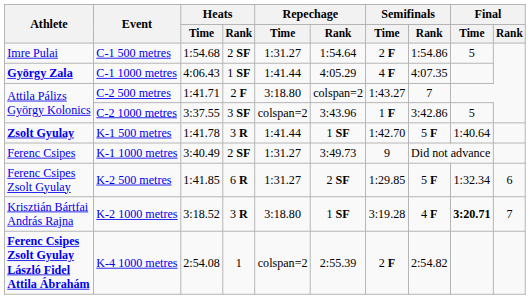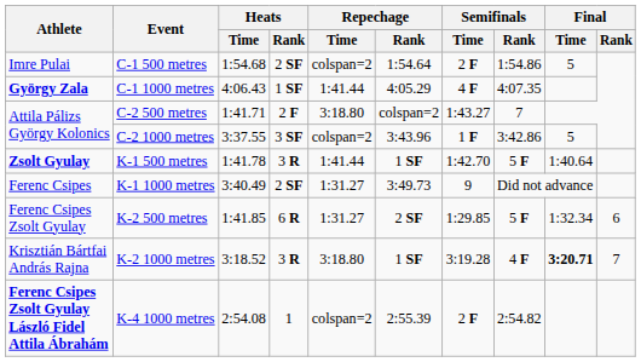 <table class=wikitable style="font-size:90%">
 <tr>
 <th rowspan="2">Athlete</th>
 <th rowspan="2">Event</th>
 <th colspan=2>Heats</th>
 <th colspan=2>Repechage</th>
 <th colspan=2>Semifinals</th>
 <th colspan=2>Final</th>
 </tr>
 <tr style="font-size:95%">
 <th>Time</th>
 <th>Rank</th>
 <th>Time</th>
 <th>Rank</th>
 <th>Time</th>
 <th>Rank</th>
 <th>Time</th>
 <th>Rank</th>
 </tr>
 <tr align=center>
 <td align=left><a href='#'>Imre Pulai</a></td>
 <td align=left><a href='#'>C-1 500 metres</a></td>
 <td>1:54.68</td>
 <td>2 <strong>SF</strong></td>
-<td>1:31.27</td>
+<td>colspan=2</td>
 <td>1:54.64</td>
 <td>2 <strong>F</strong></td>
 <td>1:54.86</td>
 <td>5</td>
 </tr>
 <tr align=center>
 <td align=left><strong><a href='#'>György Zala</a></strong></td>
 <td align=left><a href='#'>C-1 1000 metres</a></td>
 <td>4:06.43</td>
 <td>1 <strong>SF</strong></td>
 <td>1:41.44</td>
 <td>4:05.29</td>
 <td>4 <strong>F</strong></td>
 <td>4:07.35</td>
 <td></td>
 </tr>
 <tr align=center>
 <td align=left rowspan=2><a href='#'>Attila Pálizs</a><br><a href='#'>György Kolonics</a></td>
 <td align=left><a href='#'>C-2 500 metres</a></td>
 <td>1:41.71</td>
 <td>2 <strong>F</strong></td>
 <td>3:18.80</td>
 <td>colspan=2</td>
 <td>1:43.27</td>
 <td>7</td>
 </tr>
 <tr align=center>
 <td align=left><a href='#'>C-2 1000 metres</a></td>
 <td>3:37.55</td>
 <td>3 <strong>SF</strong></td>
 <td>colspan=2</td>
 <td>3:43.96</td>
 <td>1 <strong>F</strong></td>
 <td>3:42.86</td>
 <td>5</td>
 </tr>
 <tr align=center>
 <td align=left><strong><a href='#'>Zsolt Gyulay</a></strong></td>
 <td align=left><a href='#'>K-1 500 metres</a></td>
 <td>1:41.78</td>
 <td>3 <strong>R</strong></td>
 <td>1:41.44</td>
 <td>1 <strong>SF</strong></td>
 <td>1:42.70</td>
 <td>5 <strong>F</strong></td>
 <td>1:40.64</td>
 <td></td>
 </tr>
 <tr align=center>
 <td align=left><a href='#'>Ferenc Csipes</a></td>
 <td align=left><a href='#'>K-1 1000 metres</a></td>
 <td>3:40.49</td>
 <td>2 <strong>SF</strong></td>
 <td>1:31.27</td>
 <td>3:49.73</td>
 <td>9</td>
 <td colspan=2>Did not advance</td>
 </tr>
 <tr align=center>
 <td align=left><a href='#'>Ferenc Csipes</a><br><a href='#'>Zsolt Gyulay</a></td>
 <td align=left><a href='#'>K-2 500 metres</a></td>
 <td>1:41.85</td>
 <td>6 <strong>R</strong></td>
 <td>1:31.27</td>
 <td>2 <strong>SF</strong></td>
 <td>1:29.85</td>
 <td>5 <strong>F</strong></td>
 <td>1:32.34</td>
 <td>6</td>
 </tr>
 <tr align=center>
 <td align=left><a href='#'>Krisztián Bártfai</a><br><a href='#'>András Rajna</a></td>
 <td align=left><a href='#'>K-2 1000 metres</a></td>
 <td>3:18.52</td>
 <td>3 <strong>R</strong></td>
 <td>3:18.80</td>
 <td>1 <strong>SF</strong></td>
 <td>3:19.28</td>
 <td>4 <strong>F</strong></td>
 <td><strong>3:20.71</strong></td>
 <td>7</td>
 </tr>
 <tr align=center>
 <td align=left><strong><a href='#'>Ferenc Csipes</a><br><a href='#'>Zsolt Gyulay</a><br><a href='#'>László Fidel</a><br><a href='#'>Attila Ábrahám</a></strong></td>
 <td align=left><a href='#'>K-4 1000 metres</a></td>
 <td>2:54.08</td>
 <td>1</td>
 <td>colspan=2</td>
 <td>2:55.39</td>
 <td>2 <strong>F</strong></td>
 <td>2:54.82</td>
 <td></td>
 </tr>
 </table>
